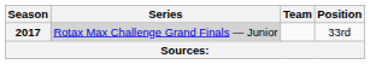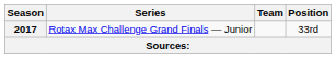 <table class="wikitable" style="font-size: 85%; text-align:center">
 <tr>
 <th>Season</th>
 <th>Series</th>
 <th>Team</th>
 <th>Position</th>
 </tr>
 <tr>
 <th>2017</th>
-<td align="left" style="background: lightgrey;"><a href='#'>Rotax Max Challenge Grand Finals</a> — Junior</td>
+<td align="left"><a href='#'>Rotax Max Challenge Grand Finals</a> — Junior</td>
 <td align="left"></td>
 <td>33rd</td>
 </tr>
 <tr>
 <th colspan="4">Sources:</th>
 </tr>
 </table>
